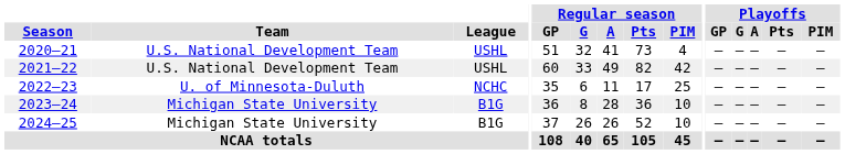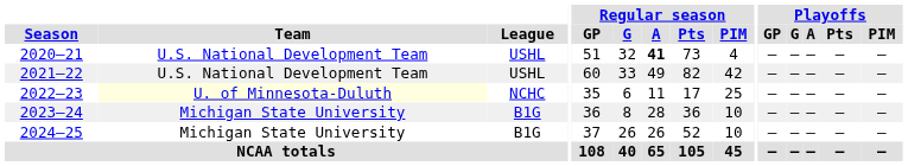 <table border="0" cellpadding="1" cellspacing="0" style="text-align:center; width:60em">
 <tr bgcolor="#e0e0e0">
 <th colspan="3" bgcolor="#ffffff"></th>
 <th rowspan="100" bgcolor="#ffffff"></th>
 <th colspan="5"><a href='#'>Regular season</a></th>
 <th rowspan="100" bgcolor="#ffffff"></th>
 <th colspan="5"><a href='#'>Playoffs</a></th>
 </tr>
 <tr bgcolor="#e0e0e0">
 <th><a href='#'>Season</a></th>
 <th>Team</th>
 <th>League</th>
 <th>GP</th>
 <th><a href='#'>G</a></th>
 <th><a href='#'>A</a></th>
 <th><a href='#'>Pts</a></th>
 <th><a href='#'>PIM</a></th>
 <th>GP</th>
 <th>G</th>
 <th>A</th>
 <th>Pts</th>
 <th>PIM</th>
 </tr>
 <tr>
 <td><a href='#'>2020–21</a></td>
 <td><a href='#'>U.S. National Development Team</a></td>
 <td><a href='#'>USHL</a></td>
 <td>51</td>
 <td>32</td>
-<td>41</td>
+<td><strong>41</strong></td>
 <td>73</td>
 <td>4</td>
 <td>—</td>
 <td>—</td>
 <td>—</td>
 <td>—</td>
 <td>—</td>
 </tr>
 <tr bgcolor="#f0f0f0">
 <td><a href='#'>2021–22</a></td>
 <td>U.S. National Development Team</td>
 <td>USHL</td>
 <td>60</td>
 <td>33</td>
 <td>49</td>
 <td>82</td>
 <td>42</td>
 <td>—</td>
 <td>—</td>
 <td>—</td>
 <td>—</td>
 <td>—</td>
 </tr>
 <tr>
 <td><a href='#'>2022–23</a></td>
-<td><a href='#'>U. of Minnesota-Duluth</a></td>
+<td style="background: lightyellow;"><a href='#'>U. of Minnesota-Duluth</a></td>
 <td><a href='#'>NCHC</a></td>
 <td>35</td>
 <td>6</td>
 <td>11</td>
 <td>17</td>
 <td>25</td>
 <td>—</td>
 <td>—</td>
 <td>—</td>
 <td>—</td>
 <td>—</td>
 </tr>
 <tr bgcolor="f0f0f0">
 <td><a href='#'>2023–24</a></td>
 <td><a href='#'>Michigan State University</a></td>
 <td><a href='#'>B1G</a></td>
 <td>36</td>
 <td>8</td>
 <td>28</td>
 <td>36</td>
 <td>10</td>
 <td>—</td>
 <td>—</td>
 <td>—</td>
 <td>—</td>
 <td>—</td>
 </tr>
 <tr>
 <td><a href='#'>2024–25</a></td>
 <td>Michigan State University</td>
 <td>B1G</td>
 <td>37</td>
 <td>26</td>
 <td>26</td>
 <td>52</td>
 <td>10</td>
 <td>—</td>
 <td>—</td>
 <td>—</td>
 <td>—</td>
 <td>—</td>
 </tr>
 <tr bgcolor="#e0e0e0">
 <th colspan="3">NCAA totals</th>
 <th>108</th>
 <th>40</th>
 <th>65</th>
 <th>105</th>
 <th>45</th>
 <th>—</th>
 <th>—</th>
 <th>—</th>
 <th>—</th>
 <th>—</th>
 </tr>
 </table>
